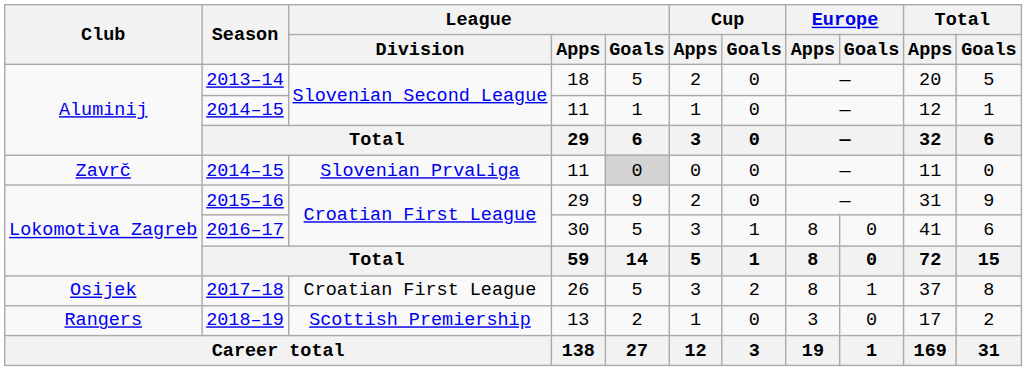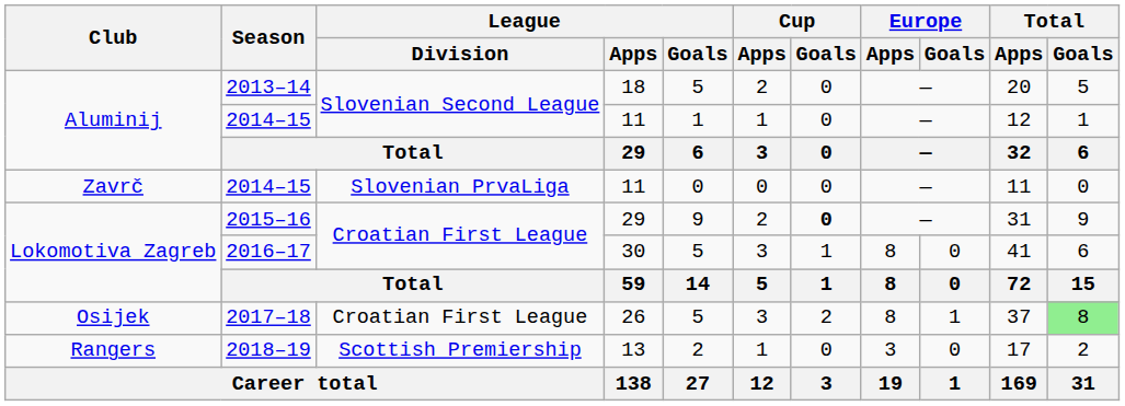 <table class="wikitable" style="text-align:center">
 <tr>
 <th rowspan="2">Club</th>
 <th rowspan="2">Season</th>
 <th colspan="3">League</th>
 <th colspan="2">Cup</th>
 <th colspan="2"><a href='#'>Europe</a></th>
 <th colspan="2">Total</th>
 </tr>
 <tr>
 <th>Division</th>
 <th>Apps</th>
 <th>Goals</th>
 <th>Apps</th>
 <th>Goals</th>
 <th>Apps</th>
 <th>Goals</th>
 <th>Apps</th>
 <th>Goals</th>
 </tr>
 <tr>
 <td rowspan="3"><a href='#'>Aluminij</a></td>
 <td><a href='#'>2013–14</a></td>
 <td rowspan="2"><a href='#'>Slovenian Second League</a></td>
 <td>18</td>
 <td>5</td>
 <td>2</td>
 <td>0</td>
 <td colspan="2">—</td>
 <td>20</td>
 <td>5</td>
 </tr>
 <tr>
 <td><a href='#'>2014–15</a></td>
 <td>11</td>
 <td>1</td>
 <td>1</td>
 <td>0</td>
 <td colspan="2">—</td>
 <td>12</td>
 <td>1</td>
 </tr>
 <tr>
 <th colspan="2">Total</th>
 <th>29</th>
 <th>6</th>
 <th>3</th>
 <th>0</th>
 <th colspan="2">—</th>
 <th>32</th>
 <th>6</th>
 </tr>
 <tr>
 <td><a href='#'>Zavrč</a></td>
 <td><a href='#'>2014–15</a></td>
 <td><a href='#'>Slovenian PrvaLiga</a></td>
 <td>11</td>
-<td style="background: lightgrey;">0</td>
+<td>0</td>
 <td>0</td>
 <td>0</td>
 <td colspan="2">—</td>
 <td>11</td>
 <td>0</td>
 </tr>
 <tr>
 <td rowspan="3"><a href='#'>Lokomotiva Zagreb</a></td>
 <td><a href='#'>2015–16</a></td>
 <td rowspan="2"><a href='#'>Croatian First League</a></td>
 <td>29</td>
 <td>9</td>
 <td>2</td>
-<td>0</td>
+<td><strong>0</strong></td>
 <td colspan="2">—</td>
 <td>31</td>
 <td>9</td>
 </tr>
 <tr>
 <td><a href='#'>2016–17</a></td>
 <td>30</td>
 <td>5</td>
 <td>3</td>
 <td>1</td>
 <td>8</td>
 <td>0</td>
 <td>41</td>
 <td>6</td>
 </tr>
 <tr>
 <th colspan="2">Total</th>
 <th>59</th>
 <th>14</th>
 <th>5</th>
 <th>1</th>
 <th>8</th>
 <th>0</th>
 <th>72</th>
 <th>15</th>
 </tr>
 <tr>
 <td><a href='#'>Osijek</a></td>
 <td><a href='#'>2017–18</a></td>
 <td>Croatian First League</td>
 <td>26</td>
 <td>5</td>
 <td>3</td>
 <td>2</td>
 <td>8</td>
 <td>1</td>
 <td>37</td>
-<td>8</td>
+<td style="background: lightgreen;">8</td>
 </tr>
 <tr>
 <td><a href='#'>Rangers</a></td>
 <td><a href='#'>2018–19</a></td>
 <td><a href='#'>Scottish Premiership</a></td>
 <td>13</td>
 <td>2</td>
 <td>1</td>
 <td>0</td>
 <td>3</td>
 <td>0</td>
 <td>17</td>
 <td>2</td>
 </tr>
 <tr>
 <th colspan="3">Career total</th>
 <th>138</th>
 <th>27</th>
 <th>12</th>
 <th>3</th>
 <th>19</th>
 <th>1</th>
 <th>169</th>
 <th>31</th>
 </tr>
 </table>
